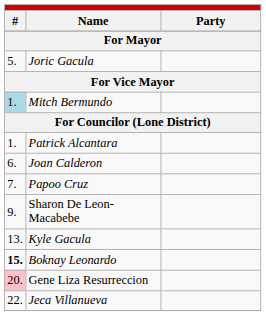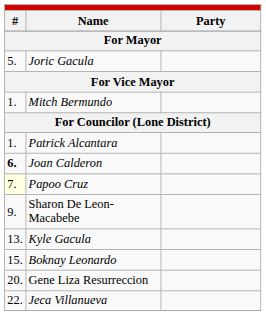 <table class="wikitable" style="font-size:90%">
 <tr>
 <td colspan="5" bgcolor="#d40000"></td>
 </tr>
 <tr>
 <th>#</th>
 <th width=150px>Name</th>
 <th colspan=2 width=110px>Party</th>
 </tr>
 <tr>
 </tr>
 <tr>
 <th colspan=5>For Mayor</th>
 </tr>
 <tr>
 <td>5.</td>
 <td><em>Joric Gacula</em></td>
 <td></td>
 </tr>
 <tr>
 <th colspan=5>For Vice Mayor</th>
 </tr>
 <tr>
-<td style="background: lightblue;">1.</td>
+<td>1.</td>
 <td><em>Mitch Bermundo</em></td>
 <td></td>
 </tr>
 <tr>
 <th colspan="5">For Councilor (Lone District)</th>
 </tr>
 <tr>
 <td>1.</td>
 <td><em>Patrick Alcantara</em></td>
 <td></td>
 </tr>
 <tr>
-<td>6.</td>
+<td><strong>6.</strong></td>
 <td><em>Joan Calderon</em></td>
 <td></td>
 </tr>
 <tr>
-<td>7.</td>
+<td style="background: lightyellow;">7.</td>
 <td><em>Papoo Cruz</em></td>
 <td></td>
 </tr>
 <tr>
 <td>9.</td>
 <td>Sharon De Leon-Macabebe</td>
 <td></td>
 </tr>
 <tr>
 <td>13.</td>
 <td><em>Kyle Gacula</em></td>
 <td></td>
 </tr>
 <tr>
-<td><strong>15.</strong></td>
+<td>15.</td>
 <td><em>Boknay Leonardo</em></td>
 <td></td>
 </tr>
 <tr>
-<td style="background: pink;">20.</td>
+<td>20.</td>
 <td>Gene Liza Resurreccion</td>
 <td></td>
 </tr>
 <tr>
 <td>22.</td>
 <td><em>Jeca Villanueva</em></td>
 <td></td>
 </tr>
 <tr>
 </tr>
 </table>
